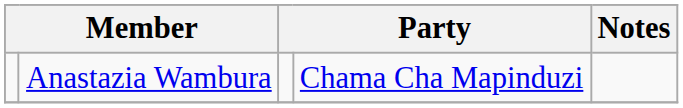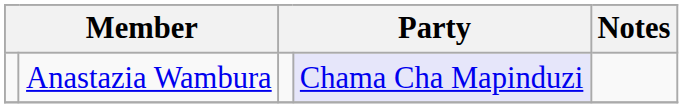 <table class="wikitable sortable">
 <tr>
 <th colspan=2>Member</th>
 <th colspan=2>Party</th>
 <th>Notes</th>
 </tr>
 <tr>
 <td style="background-color: "></td>
 <td><a href='#'>Anastazia Wambura</a></td>
 <td style="background-color: "></td>
-<td><a href='#'>Chama Cha Mapinduzi</a></td>
+<td style="background: lavender;"><a href='#'>Chama Cha Mapinduzi</a></td>
 <td></td>
 </tr>
 <tr>
 </tr>
 </table>
